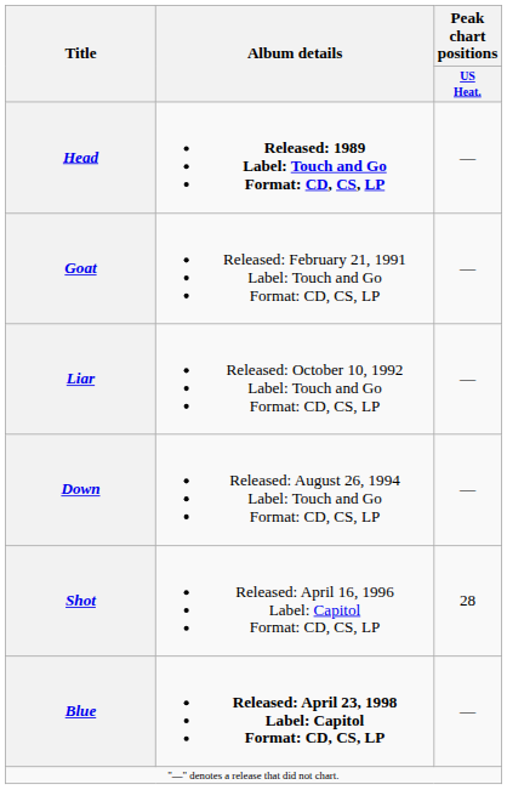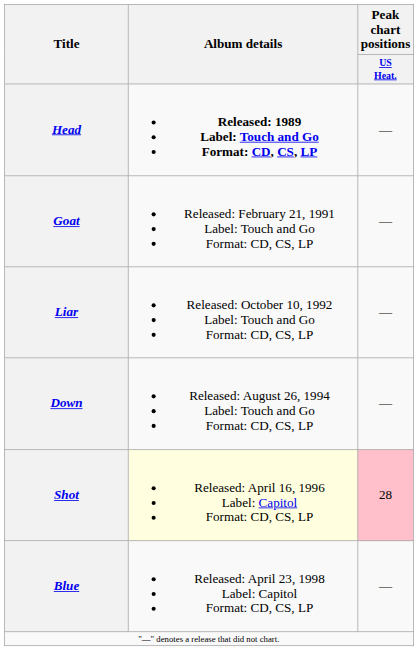 <table class="wikitable plainrowheaders" style="text-align:center;">
 <tr>
 <th scope="col" rowspan="2" style="width:9em;">Title</th>
 <th scope="col" rowspan="2" style="width:17em;">Album details</th>
 <th scope="col" colspan="1">Peak chart positions</th>
 </tr>
 <tr>
 <th style="width:3em;font-size:75%;"><a href='#'>US<br>Heat.</a><br></th>
 </tr>
 <tr>
 <th scope="row"><em><a href='#'>Head</a></em></th>
 <td><strong><br><ul><li>Released: 1989</li><li>Label: <a href='#'>Touch and Go</a></li><li>Format: <a href='#'>CD</a>, <a href='#'>CS</a>, <a href='#'>LP</a></li></ul></strong></td>
 <td align="center">—</td>
 </tr>
 <tr>
 <th scope="row"><em><a href='#'>Goat</a></em></th>
 <td><br><ul><li>Released: February 21, 1991</li><li>Label: Touch and Go</li><li>Format: CD, CS, LP</li></ul></td>
 <td align="center">—</td>
 </tr>
 <tr>
 <th scope="row"><em><a href='#'>Liar</a></em></th>
 <td><br><ul><li>Released: October 10, 1992</li><li>Label: Touch and Go</li><li>Format: CD, CS, LP</li></ul></td>
 <td align="center">—</td>
 </tr>
 <tr>
 <th scope="row"><em><a href='#'>Down</a></em></th>
 <td><br><ul><li>Released: August 26, 1994</li><li>Label: Touch and Go</li><li>Format: CD, CS, LP</li></ul></td>
 <td align="center">—</td>
 </tr>
 <tr>
 <th scope="row"><em><a href='#'>Shot</a></em></th>
-<td><br><ul><li>Released: April 16, 1996</li><li>Label: <a href='#'>Capitol</a></li><li>Format: CD, CS, LP</li></ul></td>
-<td align="center">28</td>
+<td style="background: lightyellow;"><br><ul><li>Released: April 16, 1996</li><li>Label: <a href='#'>Capitol</a></li><li>Format: CD, CS, LP</li></ul></td>
+<td align="center" style="background: pink;">28</td>
 </tr>
 <tr>
 <th scope="row"><em><a href='#'>Blue</a></em></th>
-<td><strong><br><ul><li>Released: April 23, 1998</li><li>Label: Capitol</li><li>Format: CD, CS, LP</li></ul></strong></td>
+<td><br><ul><li>Released: April 23, 1998</li><li>Label: Capitol</li><li>Format: CD, CS, LP</li></ul></td>
 <td align="center">—</td>
 </tr>
 <tr>
 <td align="center" colspan="3" style="font-size: 8pt">"—" denotes a release that did not chart.</td>
 </tr>
 </table>
